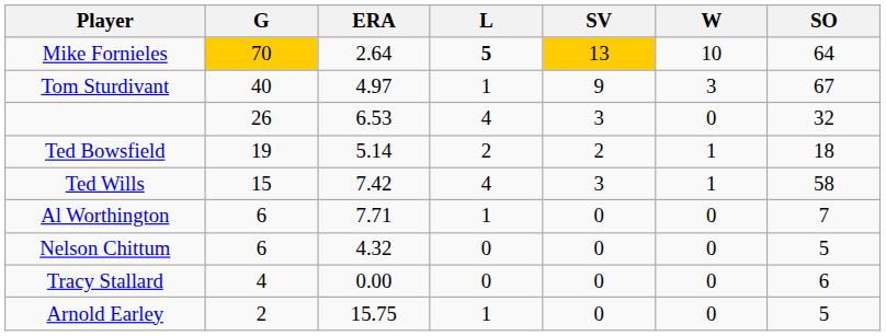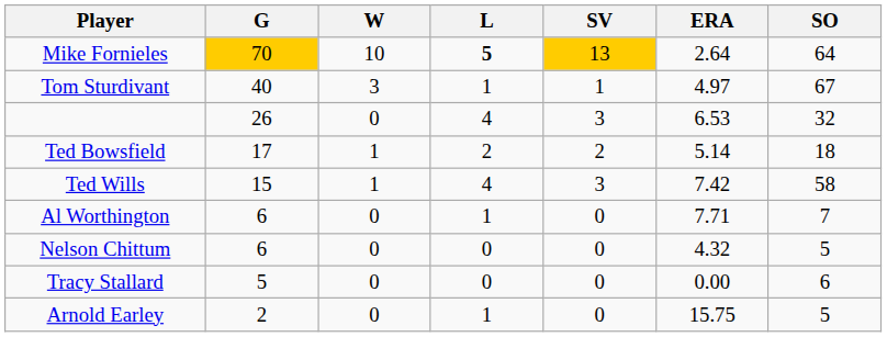 <table class="wikitable sortable">
 <tr>
 <th bgcolor="#DDDDFF" width="16%">Player</th>
 <th bgcolor="#DDDDFF" width="9%">G</th>
-<th bgcolor="#DDDDFF" width="9%">ERA</th>
+<th bgcolor="#DDDDFF" width="9%">W</th>
 <th bgcolor="#DDDDFF" width="9%">L</th>
 <th bgcolor="#DDDDFF" width="9%">SV</th>
-<th bgcolor="#DDDDFF" width="9%">W</th>
+<th bgcolor="#DDDDFF" width="9%">ERA</th>
 <th bgcolor="#DDDDFF" width="9%">SO</th>
 </tr>
 <tr align="center">
 <td><a href='#'>Mike Fornieles</a></td>
 <td style="background:#fc0;">70</td>
-<td>2.64</td>
+<td>10</td>
 <td><strong>5</strong></td>
 <td style="background:#fc0;">13</td>
-<td>10</td>
+<td>2.64</td>
 <td>64</td>
 </tr>
 <tr align=center>
 <td><a href='#'>Tom Sturdivant</a></td>
 <td>40</td>
+<td>3</td>
+<td>1</td>
+<td>1</td>
 <td>4.97</td>
-<td>1</td>
-<td>9</td>
-<td>3</td>
 <td>67</td>
 </tr>
 <tr align=center>
 <td></td>
 <td>26</td>
-<td>6.53</td>
+<td>0</td>
 <td>4</td>
 <td>3</td>
-<td>0</td>
+<td>6.53</td>
 <td>32</td>
 </tr>
 <tr align="center">
 <td><a href='#'>Ted Bowsfield</a></td>
-<td>19</td>
-<td>5.14</td>
+<td>17</td>
+<td>1</td>
 <td>2</td>
 <td>2</td>
-<td>1</td>
+<td>5.14</td>
 <td>18</td>
 </tr>
 <tr align=center>
 <td><a href='#'>Ted Wills</a></td>
 <td>15</td>
-<td>7.42</td>
+<td>1</td>
 <td>4</td>
 <td>3</td>
-<td>1</td>
+<td>7.42</td>
 <td>58</td>
 </tr>
 <tr align=center>
 <td><a href='#'>Al Worthington</a></td>
 <td>6</td>
-<td>7.71</td>
+<td>0</td>
 <td>1</td>
 <td>0</td>
-<td>0</td>
+<td>7.71</td>
 <td>7</td>
 </tr>
 <tr align=center>
 <td><a href='#'>Nelson Chittum</a></td>
 <td>6</td>
-<td>4.32</td>
 <td>0</td>
 <td>0</td>
 <td>0</td>
+<td>4.32</td>
 <td>5</td>
 </tr>
 <tr align=center>
 <td><a href='#'>Tracy Stallard</a></td>
-<td>4</td>
-<td>0.00</td>
+<td>5</td>
 <td>0</td>
 <td>0</td>
 <td>0</td>
+<td>0.00</td>
 <td>6</td>
 </tr>
 <tr align=center>
 <td><a href='#'>Arnold Earley</a></td>
 <td>2</td>
-<td>15.75</td>
+<td>0</td>
 <td>1</td>
 <td>0</td>
-<td>0</td>
+<td>15.75</td>
 <td>5</td>
 </tr>
 </table>
